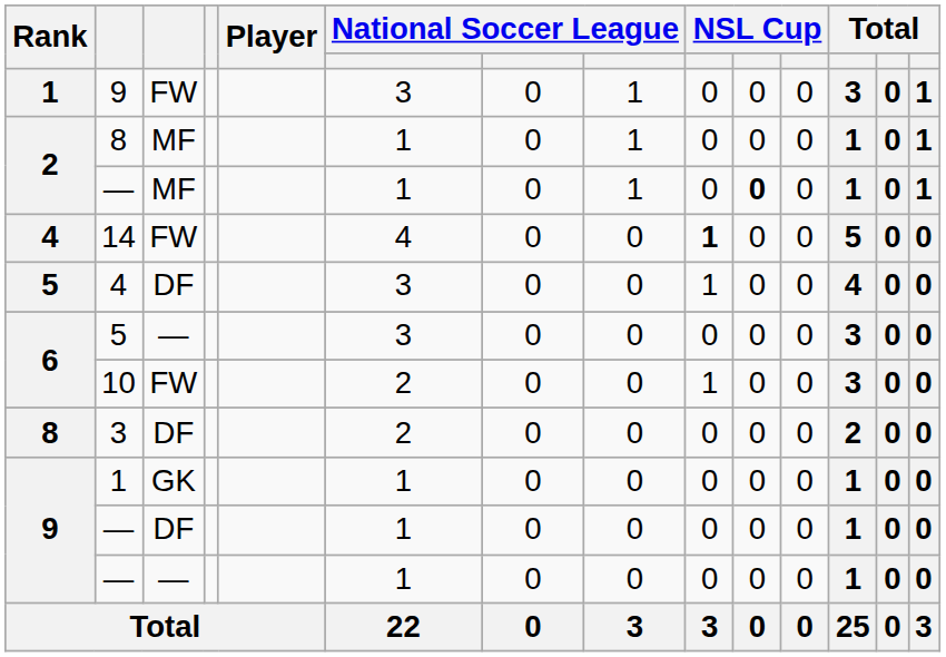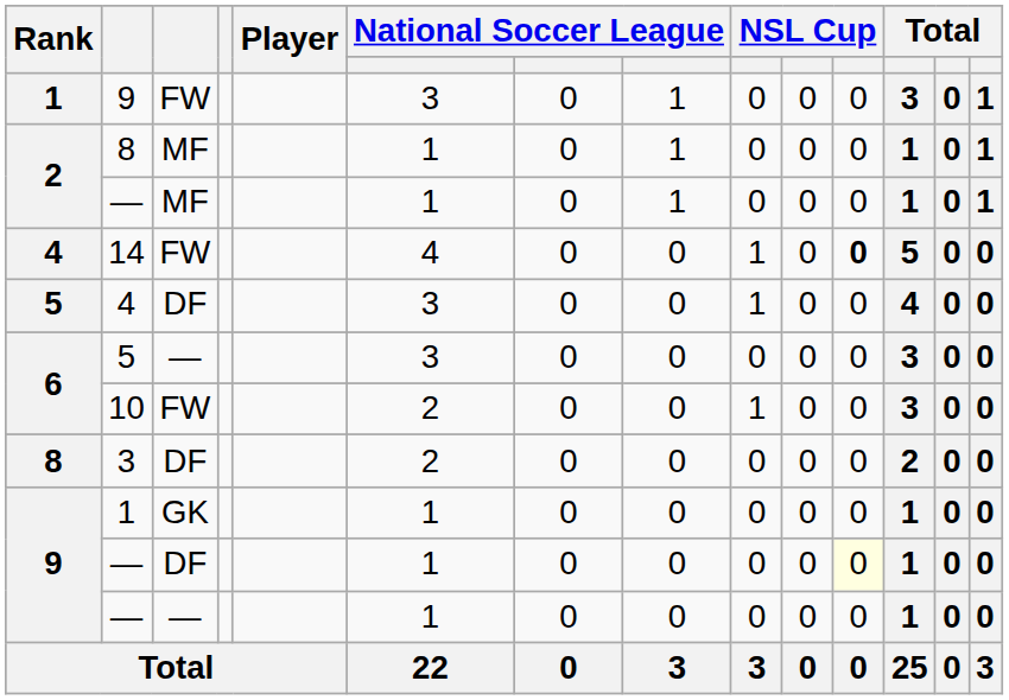 <table class="wikitable sortable" style="text-align:center">
 <tr>
 <th rowspan="2">Rank</th>
 <th rowspan="2"></th>
 <th rowspan="2"></th>
 <th rowspan="2"></th>
 <th rowspan="2">Player</th>
 <th colspan="3"><a href='#'>National Soccer League</a></th>
 <th colspan="3"><a href='#'>NSL Cup</a></th>
 <th colspan="3">Total</th>
 </tr>
 <tr>
 <th></th>
 <th></th>
 <th></th>
 <th></th>
 <th></th>
 <th></th>
 <th></th>
 <th></th>
 <th></th>
 </tr>
 <tr>
 <th>1</th>
 <td>9</td>
 <td>FW</td>
 <td></td>
 <td align="left"><br></td>
 <td>3</td>
 <td>0</td>
 <td>1<br></td>
 <td>0</td>
 <td>0</td>
 <td>0<br></td>
 <th>3</th>
 <th>0</th>
 <th>1</th>
 </tr>
 <tr>
 <th rowspan="2">2</th>
 <td>8</td>
 <td>MF</td>
 <td></td>
 <td align="left"><br></td>
 <td>1</td>
 <td>0</td>
 <td>1<br></td>
 <td>0</td>
 <td>0</td>
 <td>0<br></td>
 <th>1</th>
 <th>0</th>
 <th>1</th>
 </tr>
 <tr>
 <td>—</td>
 <td>MF</td>
 <td></td>
 <td align="left"><br></td>
 <td>1</td>
 <td>0</td>
 <td>1<br></td>
 <td>0</td>
-<td><strong>0</strong></td>
+<td>0</td>
 <td>0<br></td>
 <th>1</th>
 <th>0</th>
 <th>1</th>
 </tr>
 <tr>
 <th>4</th>
 <td>14</td>
 <td>FW</td>
 <td></td>
 <td align="left"><br></td>
 <td>4</td>
 <td>0</td>
 <td>0<br></td>
-<td><strong>1</strong></td>
+<td>1</td>
 <td>0</td>
-<td>0<br></td>
+<td><strong>0<br></strong></td>
 <th>5</th>
 <th>0</th>
 <th>0</th>
 </tr>
 <tr>
 <th>5</th>
 <td>4</td>
 <td>DF</td>
 <td></td>
 <td align="left"><br></td>
 <td>3</td>
 <td>0</td>
 <td>0<br></td>
 <td>1</td>
 <td>0</td>
 <td>0<br></td>
 <th>4</th>
 <th>0</th>
 <th>0</th>
 </tr>
 <tr>
 <th rowspan="2">6</th>
 <td>5</td>
 <td>—</td>
 <td></td>
 <td align="left"><br></td>
 <td>3</td>
 <td>0</td>
 <td>0<br></td>
 <td>0</td>
 <td>0</td>
 <td>0<br></td>
 <th>3</th>
 <th>0</th>
 <th>0</th>
 </tr>
 <tr>
 <td>10</td>
 <td>FW</td>
 <td></td>
 <td align="left"><br></td>
 <td>2</td>
 <td>0</td>
 <td>0<br></td>
 <td>1</td>
 <td>0</td>
 <td>0<br></td>
 <th>3</th>
 <th>0</th>
 <th>0</th>
 </tr>
 <tr>
 <th>8</th>
 <td>3</td>
 <td>DF</td>
 <td></td>
 <td align="left"><br></td>
 <td>2</td>
 <td>0</td>
 <td>0<br></td>
 <td>0</td>
 <td>0</td>
 <td>0<br></td>
 <th>2</th>
 <th>0</th>
 <th>0</th>
 </tr>
 <tr>
 <th rowspan="3">9</th>
 <td>1</td>
 <td>GK</td>
 <td></td>
 <td align="left"><br></td>
 <td>1</td>
 <td>0</td>
 <td>0<br></td>
 <td>0</td>
 <td>0</td>
 <td>0<br></td>
 <th>1</th>
 <th>0</th>
 <th>0</th>
 </tr>
 <tr>
 <td>—</td>
 <td>DF</td>
 <td></td>
 <td align="left"><br></td>
 <td>1</td>
 <td>0</td>
 <td>0<br></td>
 <td>0</td>
 <td>0</td>
-<td>0<br></td>
+<td style="background: lightyellow;">0<br></td>
 <th>1</th>
 <th>0</th>
 <th>0</th>
 </tr>
 <tr>
 <td>—</td>
 <td>—</td>
 <td></td>
 <td align="left"><br></td>
 <td>1</td>
 <td>0</td>
 <td>0<br></td>
 <td>0</td>
 <td>0</td>
 <td>0<br></td>
 <th>1</th>
 <th>0</th>
 <th>0</th>
 </tr>
 <tr>
 <th colspan="5">Total<br></th>
 <th>22</th>
 <th>0</th>
 <th>3<br></th>
 <th>3</th>
 <th>0</th>
 <th>0<br></th>
 <th>25</th>
 <th>0</th>
 <th>3</th>
 </tr>
 </table>
